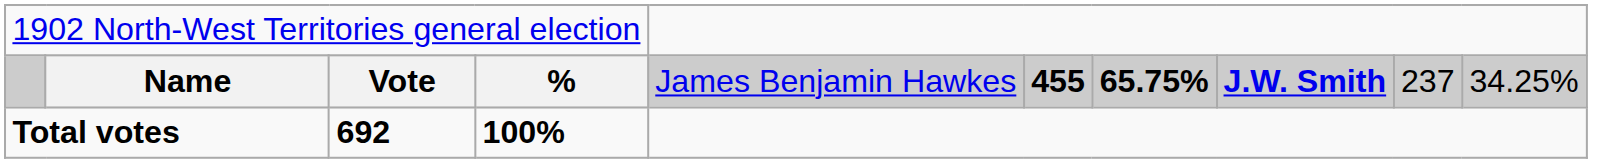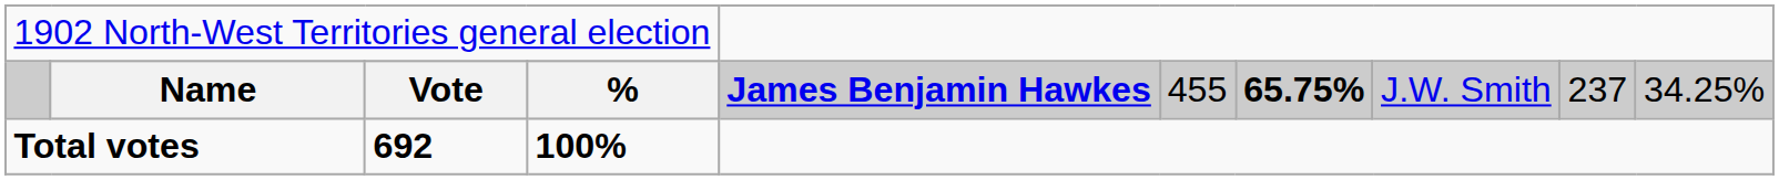 <table class="wikitable">
 <tr>
 <td colspan=4 align=center><a href='#'>1902 North-West Territories general election</a></td>
 </tr>
 <tr bgcolor="CCCCCC">
 <td></td>
 <th>Name</th>
 <th>Vote</th>
 <th>%<br></th>
-<td><a href='#'>James Benjamin Hawkes</a></td>
-<td><strong>455</strong></td>
+<td><strong><a href='#'>James Benjamin Hawkes</a></strong></td>
+<td>455</td>
 <td><strong>65.75%<br></strong></td>
-<td><strong><a href='#'>J.W. Smith</a></strong></td>
+<td><a href='#'>J.W. Smith</a></td>
 <td>237</td>
 <td>34.25%</td>
 </tr>
 <tr>
 <td colspan=2><strong>Total votes</strong></td>
 <td><strong>692</strong></td>
 <td alignment="left"><strong>100%</strong></td>
 </tr>
 </table>
